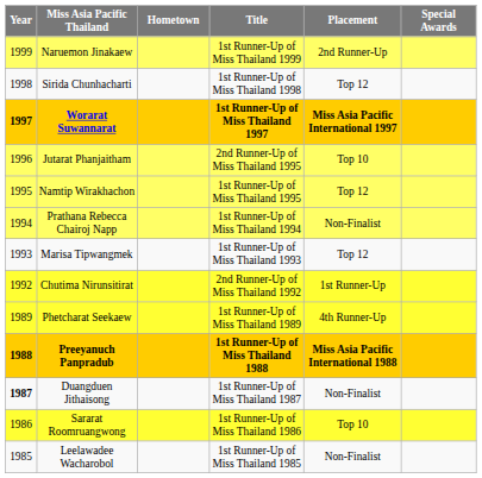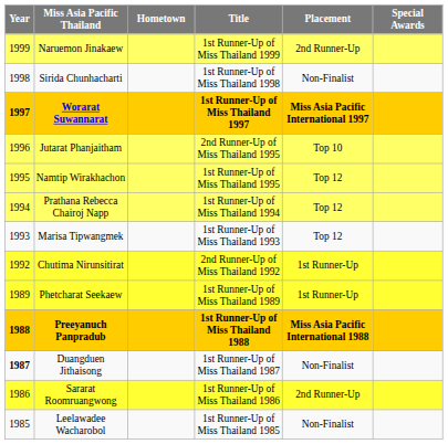 <table class="wikitable sortable" style="font-size: 90%; text-align:center">
 <tr>
 <th width="50" style="background-color:#787878;color:#FFFFFF;">Year</th>
 <th width="200" style="background-color:#787878;color:#FFFFFF;">Miss Asia Pacific Thailand</th>
 <th width="150" style="background-color:#787878;color:#FFFFFF;">Hometown</th>
 <th width="310" style="background-color:#787878;color:#FFFFFF;">Title</th>
 <th width="240" style="background-color:#787878;color:#FFFFFF;">Placement</th>
 <th width="230" style="background-color:#787878;color:#FFFFFF;">Special Awards</th>
 </tr>
 <tr style="background-color:#FFFF66">
 <td>1999</td>
 <td>Naruemon Jinakaew</td>
 <td align=left></td>
 <td>1st Runner-Up of Miss Thailand 1999</td>
 <td align="center">2nd Runner-Up</td>
 <td></td>
 </tr>
 <tr>
 <td>1998</td>
 <td>Sirida Chunhacharti</td>
 <td align=left></td>
 <td>1st Runner-Up of Miss Thailand 1998</td>
-<td align="center">Top 12</td>
+<td align="center">Non-Finalist</td>
 <td></td>
 </tr>
 <tr style="background-color:#FFCC00;">
 <td><strong>1997</strong></td>
 <td><strong><a href='#'>Worarat Suwannarat</a></strong></td>
 <td align=left><strong></strong></td>
 <td><strong>1st Runner-Up of Miss Thailand 1997</strong></td>
 <td align="center"><strong>Miss Asia Pacific International 1997</strong></td>
 <td style="background:;"></td>
 </tr>
 <tr style="background-color:#FFFF66">
 <td>1996</td>
 <td>Jutarat Phanjaitham</td>
 <td align=left></td>
 <td>2nd Runner-Up of Miss Thailand 1995</td>
 <td align="center">Top 10</td>
 <td></td>
 </tr>
 <tr style="background-color:#FFFF66">
 <td>1995</td>
 <td>Namtip Wirakhachon</td>
 <td align=left></td>
 <td>1st Runner-Up of Miss Thailand 1995</td>
 <td align="center">Top 12</td>
 <td></td>
 </tr>
 <tr style="background-color:#FFFF66">
 <td>1994</td>
 <td>Prathana Rebecca Chairoj Napp</td>
 <td align=left></td>
 <td>1st Runner-Up of Miss Thailand 1994</td>
-<td align="center">Non-Finalist</td>
+<td align="center">Top 12</td>
 <td></td>
 </tr>
 <tr>
 <td>1993</td>
 <td>Marisa Tipwangmek</td>
 <td align=left></td>
 <td>1st Runner-Up of Miss Thailand 1993</td>
 <td align="center">Top 12</td>
 <td></td>
 </tr>
 <tr style="background-color:#FFFF33">
 <td>1992</td>
 <td>Chutima Nirunsitirat</td>
 <td align=left></td>
 <td>2nd Runner-Up of Miss Thailand 1992</td>
 <td align="center">1st Runner-Up</td>
 <td style="background:;"></td>
 </tr>
 <tr style="background-color:#FFFF33">
 <td>1989</td>
 <td>Phetcharat Seekaew</td>
 <td align=left></td>
 <td>1st Runner-Up of Miss Thailand 1989</td>
-<td align="center">4th Runner-Up</td>
+<td align="center">1st Runner-Up</td>
 <td></td>
 </tr>
 <tr style="background-color:#FFCC00;">
 <td><strong>1988</strong></td>
 <td><strong>Preeyanuch Panpradub</strong></td>
 <td align=left><strong></strong></td>
 <td><strong>1st Runner-Up of Miss Thailand 1988</strong></td>
 <td align="center"><strong>Miss Asia Pacific International 1988</strong></td>
 <td style="background:;"></td>
 </tr>
 <tr>
 <td><strong>1987</strong></td>
 <td>Duangduen Jithaisong</td>
 <td align=left></td>
 <td>1st Runner-Up of Miss Thailand 1987</td>
 <td align="center">Non-Finalist</td>
 <td></td>
 </tr>
 <tr style="background-color:#FFFF33">
 <td>1986</td>
 <td>Sararat Roomruangwong</td>
 <td align=left></td>
 <td>1st Runner-Up of Miss Thailand 1986</td>
-<td align="center">Top 10</td>
+<td align="center">2nd Runner-Up</td>
 <td></td>
 </tr>
 <tr>
 <td>1985</td>
 <td>Leelawadee Wacharobol</td>
 <td align=left></td>
 <td>1st Runner-Up of Miss Thailand 1985</td>
 <td align="center">Non-Finalist</td>
 <td></td>
 </tr>
 </table>
